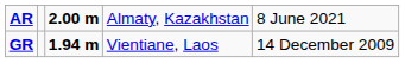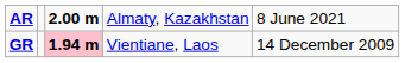 <table class="wikitable" style="font-size:95%; position:relative;">
 <tr>
 <td align=center><strong><a href='#'>AR</a></strong></td>
 <td></td>
 <td><strong>2.00 m</strong></td>
 <td><a href='#'>Almaty</a>, <a href='#'>Kazakhstan</a></td>
 <td>8 June 2021</td>
 </tr>
 <tr>
 <td align=center><strong><a href='#'>GR</a></strong></td>
 <td></td>
-<td><strong>1.94 m</strong></td>
+<td style="background: pink;"><strong>1.94 m</strong></td>
 <td><a href='#'>Vientiane</a>, <a href='#'>Laos</a></td>
 <td>14 December 2009</td>
 </tr>
 </table>
